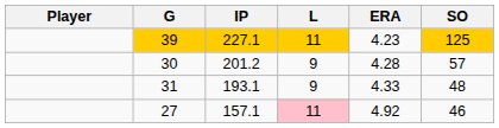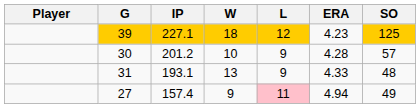 <table class="wikitable sortable">
 <tr>
 <th bgcolor="#DDDDFF" width="16%">Player</th>
 <th bgcolor="#DDDDFF" width="9%">G</th>
 <th bgcolor="#DDDDFF" width="9%">IP</th>
+<th bgcolor="#DDDDFF" width="9%">W</th>
 <th bgcolor="#DDDDFF" width="9%">L</th>
 <th bgcolor="#DDDDFF" width="9%">ERA</th>
 <th bgcolor="#DDDDFF" width="9%">SO</th>
 </tr>
 <tr align="center">
 <td></td>
 <td style="background:#fc0;">39</td>
 <td style="background:#fc0;">227.1</td>
-<td style="background:#fc0;">11</td>
+<td style="background:#fc0;">18</td>
+<td style="background:#fc0;">12</td>
 <td>4.23</td>
 <td style="background:#fc0;">125</td>
 </tr>
 <tr align="center">
 <td></td>
 <td>30</td>
 <td>201.2</td>
+<td>10</td>
 <td>9</td>
 <td>4.28</td>
 <td>57</td>
 </tr>
 <tr align="center">
 <td></td>
 <td>31</td>
 <td>193.1</td>
+<td>13</td>
 <td>9</td>
 <td>4.33</td>
 <td>48</td>
 </tr>
 <tr align="center">
 <td></td>
 <td>27</td>
-<td>157.1</td>
+<td>157.4</td>
+<td>9</td>
 <td style="background: pink;">11</td>
-<td>4.92</td>
-<td>46</td>
+<td>4.94</td>
+<td>49</td>
 </tr>
 </table>
